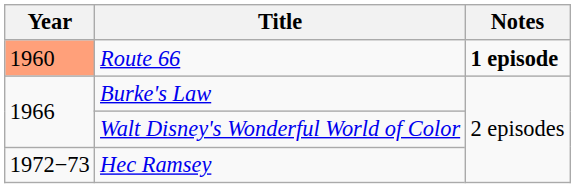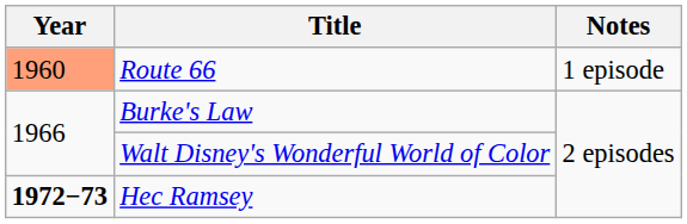 <table class="wikitable">
 <tr>
 <th>Year</th>
 <th>Title</th>
 <th>Notes</th>
 </tr>
 <tr>
 <td style="background: lightsalmon;">1960</td>
 <td><em><a href='#'>Route 66</a></em></td>
-<td><strong>1 episode</strong></td>
+<td>1 episode</td>
 </tr>
 <tr>
 <td rowspan=2>1966</td>
 <td><em><a href='#'>Burke's Law</a></em></td>
 <td rowspan=3>2 episodes</td>
 </tr>
 <tr>
 <td><em><a href='#'>Walt Disney's Wonderful World of Color</a></em></td>
 </tr>
 <tr>
-<td>1972−73</td>
+<td><strong>1972−73</strong></td>
 <td><em><a href='#'>Hec Ramsey</a></em></td>
 </tr>
 </table>
